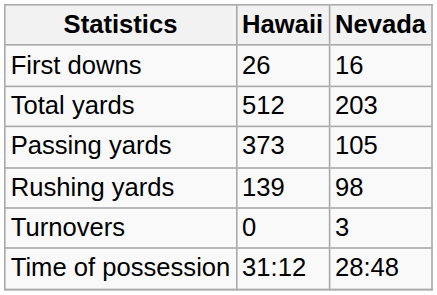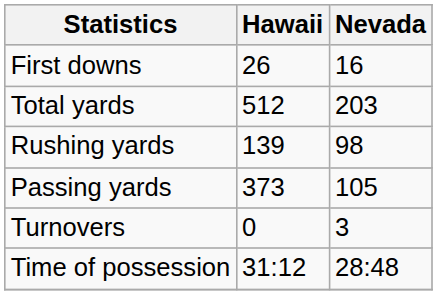 <table class="wikitable">
 <tr>
 <th>Statistics</th>
 <th>Hawaii</th>
 <th>Nevada</th>
 </tr>
 <tr>
 <td>First downs</td>
 <td>26</td>
 <td>16</td>
 </tr>
 <tr>
 <td>Total yards</td>
 <td>512</td>
 <td>203</td>
 </tr>
 <tr>
+<td>Rushing yards</td>
+<td>139</td>
+<td>98</td>
+</tr>
+<tr>
 <td>Passing yards</td>
 <td>373</td>
 <td>105</td>
-</tr>
-<tr>
-<td>Rushing yards</td>
-<td>139</td>
-<td>98</td>
 </tr>
 <tr>
 <td>Turnovers</td>
 <td>0</td>
 <td>3</td>
 </tr>
 <tr>
 <td>Time of possession</td>
 <td>31:12</td>
 <td>28:48</td>
 </tr>
 <tr>
 </tr>
 </table>
